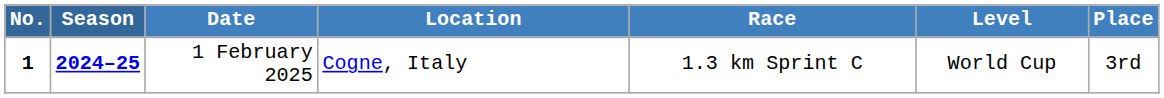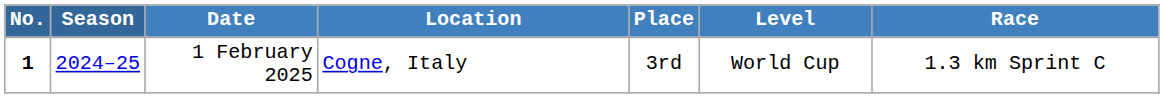 <table class="wikitable sortable" style="font-size:95%; text-align:center; border:grey solid 1px; border-collapse:collapse; background:#ffffff;">
 <tr style="background:#efefef;">
 <th style="background-color:#369; color:white;">No.</th>
 <th style="background-color:#369; color:white;">Season</th>
 <th style="background-color:#4180be; color:white; width:100px;">Date</th>
 <th style="background-color:#4180be; color:white; width:185px;">Location</th>
+<th style="background-color:#4180be; color:white;">Place</th>
+<th style="background-color:#4180be; color:white; width:100px;">Level</th>
 <th style="background-color:#4180be; color:white; width:170px;">Race</th>
-<th style="background-color:#4180be; color:white; width:100px;">Level</th>
-<th style="background-color:#4180be; color:white;">Place</th>
 </tr>
 <tr>
 <td align=center><strong>1</strong></td>
-<td rowspan=1 align=center><strong><a href='#'>2024–25</a></strong></td>
+<td rowspan=1 align=center><a href='#'>2024–25</a></td>
 <td align=right>1 February 2025</td>
 <td align=left> <a href='#'>Cogne</a>, Italy</td>
+<td>3rd</td>
+<td>World Cup</td>
 <td>1.3 km Sprint C</td>
-<td>World Cup</td>
-<td>3rd</td>
 </tr>
 </table>
